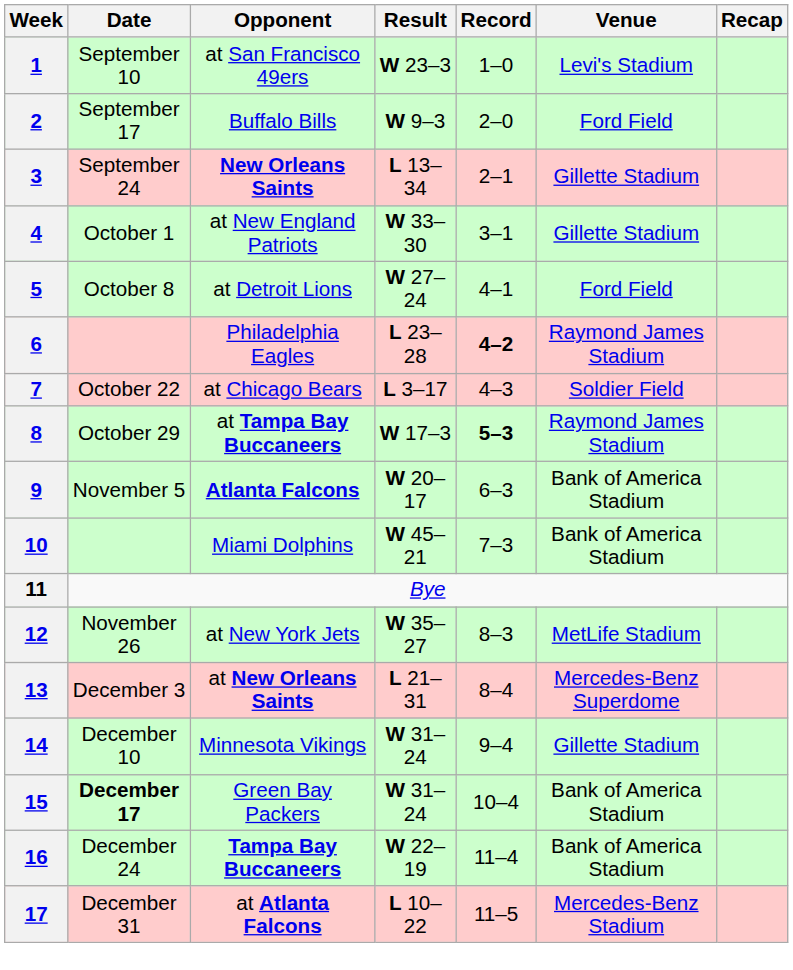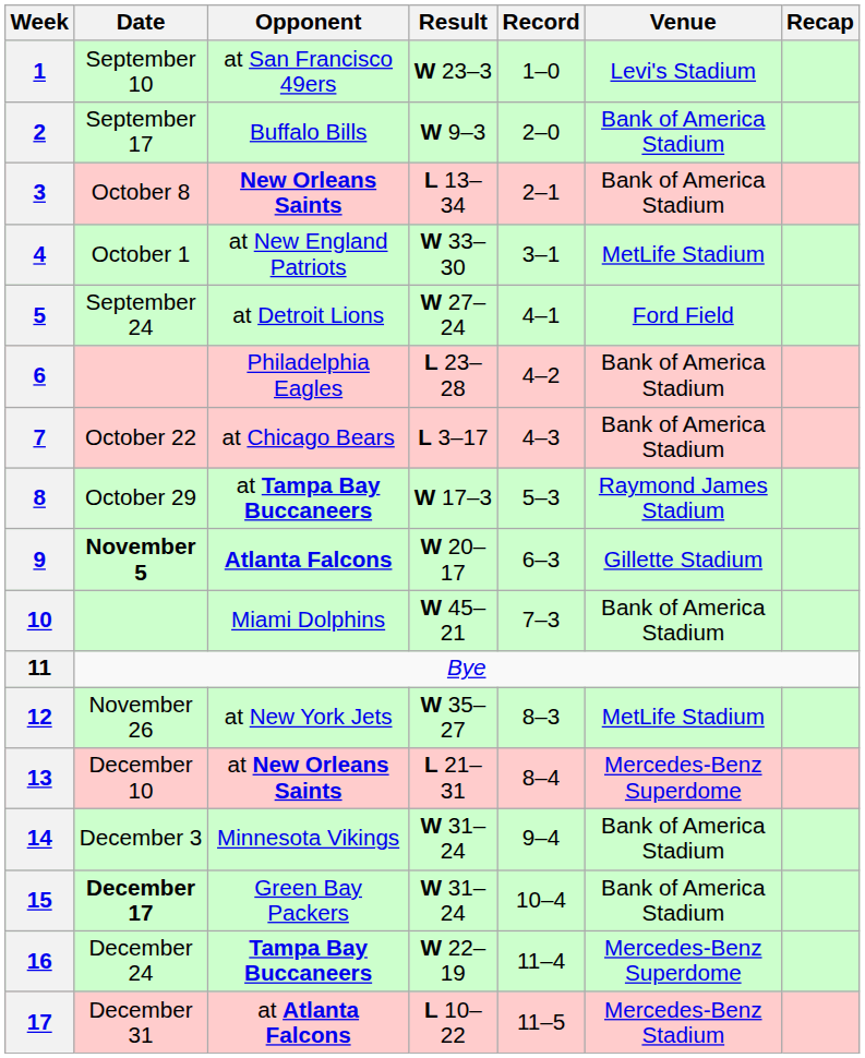 <table class="wikitable" style="text-align:center">
 <tr>
 <th>Week</th>
 <th>Date</th>
 <th>Opponent</th>
 <th>Result</th>
 <th>Record</th>
 <th>Venue</th>
 <th>Recap</th>
 </tr>
 <tr style="background:#cfc">
 <th><a href='#'>1</a></th>
 <td>September 10</td>
 <td>at <a href='#'>San Francisco 49ers</a></td>
 <td><strong>W</strong> 23–3</td>
 <td>1–0</td>
 <td><a href='#'>Levi's Stadium</a></td>
 <td></td>
 </tr>
 <tr style="background:#cfc">
 <th><a href='#'>2</a></th>
 <td>September 17</td>
 <td><a href='#'>Buffalo Bills</a></td>
 <td><strong>W</strong> 9–3</td>
 <td>2–0</td>
-<td><a href='#'>Ford Field</a></td>
+<td><a href='#'>Bank of America Stadium</a></td>
 <td></td>
 </tr>
 <tr style="background:#fcc">
 <th><a href='#'>3</a></th>
-<td>September 24</td>
+<td>October 8</td>
 <td><strong><a href='#'>New Orleans Saints</a></strong></td>
 <td><strong>L</strong> 13–34</td>
 <td>2–1</td>
-<td><a href='#'>Gillette Stadium</a></td>
+<td>Bank of America Stadium</td>
 <td></td>
 </tr>
 <tr style="background:#cfc">
 <th><a href='#'>4</a></th>
 <td>October 1</td>
 <td>at <a href='#'>New England Patriots</a></td>
 <td><strong>W</strong> 33–30</td>
 <td>3–1</td>
-<td><a href='#'>Gillette Stadium</a></td>
+<td><a href='#'>MetLife Stadium</a></td>
 <td></td>
 </tr>
 <tr style="background:#cfc">
 <th><a href='#'>5</a></th>
-<td>October 8</td>
+<td>September 24</td>
 <td>at <a href='#'>Detroit Lions</a></td>
 <td><strong>W</strong> 27–24</td>
 <td>4–1</td>
 <td><a href='#'>Ford Field</a></td>
 <td></td>
 </tr>
 <tr style="background:#fcc">
 <th><a href='#'>6</a></th>
 <td></td>
 <td><a href='#'>Philadelphia Eagles</a></td>
 <td><strong>L</strong> 23–28</td>
-<td><strong>4–2</strong></td>
-<td><a href='#'>Raymond James Stadium</a></td>
+<td>4–2</td>
+<td>Bank of America Stadium</td>
 <td></td>
 </tr>
 <tr style="background:#fcc">
 <th><a href='#'>7</a></th>
 <td>October 22</td>
 <td>at <a href='#'>Chicago Bears</a></td>
 <td><strong>L</strong> 3–17</td>
 <td>4–3</td>
-<td><a href='#'>Soldier Field</a></td>
+<td>Bank of America Stadium</td>
 <td></td>
 </tr>
 <tr style="background: #cfc">
 <th><a href='#'>8</a></th>
 <td>October 29</td>
 <td>at <strong><a href='#'>Tampa Bay Buccaneers</a></strong></td>
 <td><strong>W</strong> 17–3</td>
-<td><strong>5–3</strong></td>
+<td>5–3</td>
 <td><a href='#'>Raymond James Stadium</a></td>
 <td></td>
 </tr>
 <tr style="background:#cfc">
 <th><a href='#'>9</a></th>
-<td>November 5</td>
+<td><strong>November 5</strong></td>
 <td><strong><a href='#'>Atlanta Falcons</a></strong></td>
 <td><strong>W</strong> 20–17</td>
 <td>6–3</td>
-<td>Bank of America Stadium</td>
+<td><a href='#'>Gillette Stadium</a></td>
 <td></td>
 </tr>
 <tr style="background:#cfc">
 <th><a href='#'>10</a></th>
 <td></td>
 <td><a href='#'>Miami Dolphins</a></td>
 <td><strong>W</strong> 45–21</td>
 <td>7–3</td>
 <td>Bank of America Stadium</td>
 <td></td>
 </tr>
 <tr>
 <th>11</th>
 <td colspan="6"><em><a href='#'>Bye</a></em></td>
 </tr>
 <tr style="background:#cfc">
 <th><a href='#'>12</a></th>
 <td>November 26</td>
 <td>at <a href='#'>New York Jets</a></td>
 <td><strong>W</strong> 35–27</td>
 <td>8–3</td>
 <td><a href='#'>MetLife Stadium</a></td>
 <td></td>
 </tr>
 <tr style="background:#fcc">
 <th><a href='#'>13</a></th>
-<td>December 3</td>
+<td>December 10</td>
 <td>at <strong><a href='#'>New Orleans Saints</a></strong></td>
 <td><strong>L</strong> 21–31</td>
 <td>8–4</td>
 <td><a href='#'>Mercedes-Benz Superdome</a></td>
 <td></td>
 </tr>
 <tr style="background:#cfc">
 <th><a href='#'>14</a></th>
-<td>December 10</td>
+<td>December 3</td>
 <td><a href='#'>Minnesota Vikings</a></td>
 <td><strong>W</strong> 31–24</td>
 <td>9–4</td>
-<td><a href='#'>Gillette Stadium</a></td>
+<td>Bank of America Stadium</td>
 <td></td>
 </tr>
 <tr style="background:#cfc">
 <th><a href='#'>15</a></th>
 <td><strong>December 17</strong></td>
 <td><a href='#'>Green Bay Packers</a></td>
 <td><strong>W</strong> 31–24</td>
 <td>10–4</td>
 <td>Bank of America Stadium</td>
 <td></td>
 </tr>
 <tr style="background:#cfc">
 <th><a href='#'>16</a></th>
 <td>December 24</td>
 <td><strong><a href='#'>Tampa Bay Buccaneers</a></strong></td>
 <td><strong>W</strong> 22–19</td>
 <td>11–4</td>
-<td>Bank of America Stadium</td>
+<td><a href='#'>Mercedes-Benz Superdome</a></td>
 <td></td>
 </tr>
 <tr style="background:#fcc">
 <th><a href='#'>17</a></th>
 <td>December 31</td>
 <td>at <strong><a href='#'>Atlanta Falcons</a></strong></td>
 <td><strong>L</strong> 10–22</td>
 <td>11–5</td>
 <td><a href='#'>Mercedes-Benz Stadium</a></td>
 <td></td>
 </tr>
 </table>
